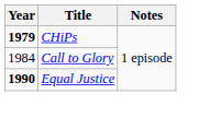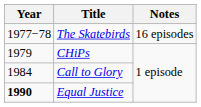 <table class="wikitable">
 <tr>
 <th>Year</th>
 <th>Title</th>
 <th>Notes</th>
 </tr>
 <tr>
-<td><strong>1979</strong></td>
+<td>1977−78</td>
+<td><em><a href='#'>The Skatebirds</a></em></td>
+<td>16 episodes</td>
+</tr>
+<tr>
+<td>1979</td>
 <td><em><a href='#'>CHiPs</a></em></td>
 <td rowspan=3>1 episode</td>
 </tr>
 <tr>
 <td>1984</td>
 <td><em><a href='#'>Call to Glory</a></em></td>
 </tr>
 <tr>
 <td><strong>1990</strong></td>
 <td><em><a href='#'>Equal Justice</a></em></td>
 </tr>
 </table>
